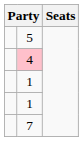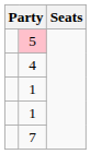 <table class="wikitable" style="font-size: 95%;">
 <tr>
 <th colspan=2>Party</th>
 <th>Seats</th>
 </tr>
 <tr>
 <td></td>
-<td align="center">5</td>
+<td align="center" style="background: pink;">5</td>
 </tr>
 <tr>
 <td></td>
-<td align="center" style="background: pink;">4</td>
+<td align="center">4</td>
 </tr>
 <tr>
 <td></td>
 <td align="center">1</td>
 </tr>
 <tr>
 <td></td>
 <td align="center">1</td>
 </tr>
 <tr>
 <td></td>
 <td align="center">7</td>
 </tr>
 </table>
